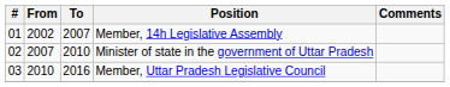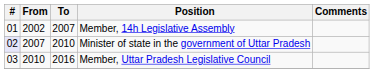 <table class="wikitable sortable">
 <tr>
 <th>#</th>
 <th>From</th>
 <th>To</th>
 <th>Position</th>
 <th>Comments</th>
 </tr>
 <tr>
 <td>01</td>
 <td>2002</td>
 <td>2007</td>
 <td>Member, <a href='#'>14h Legislative Assembly</a></td>
 <td></td>
 </tr>
 <tr>
-<td>02</td>
+<td style="background: lavender;">02</td>
 <td>2007</td>
 <td>2010</td>
 <td>Minister of state in the <a href='#'>government of Uttar Pradesh</a></td>
 <td></td>
 </tr>
 <tr>
 <td>03</td>
 <td>2010</td>
 <td>2016</td>
 <td>Member, <a href='#'>Uttar Pradesh Legislative Council</a></td>
 <td></td>
 </tr>
 <tr>
 </tr>
 </table>
